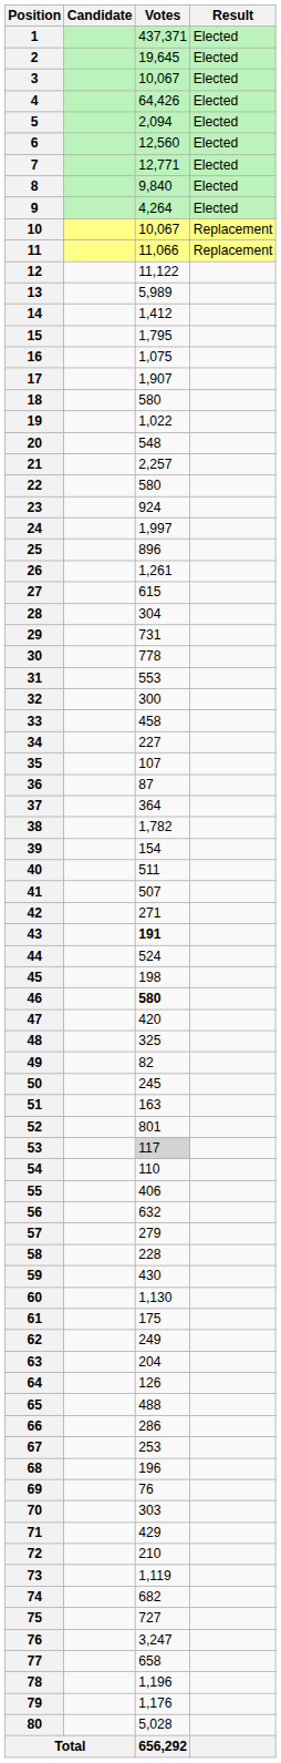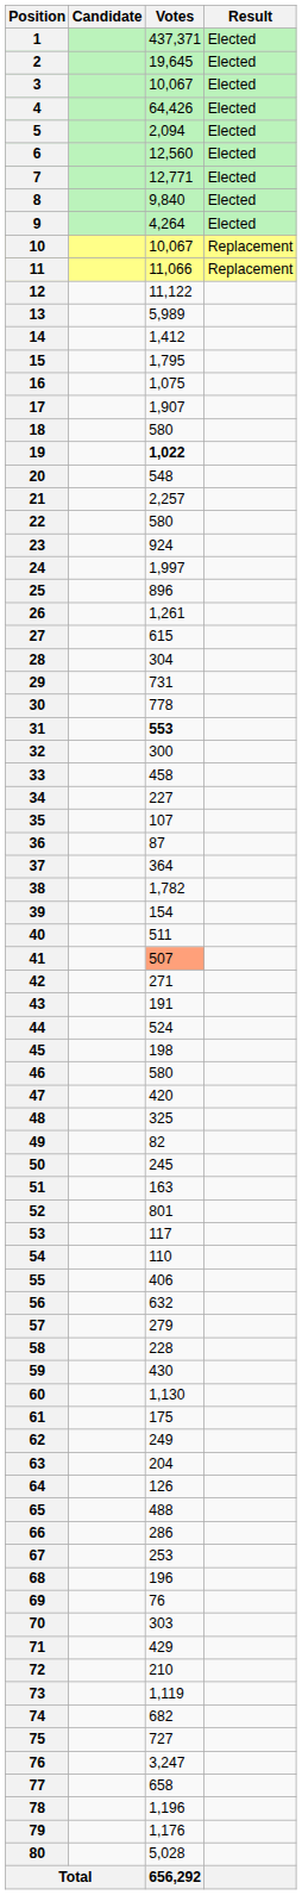 <table class="wikitable sortable col3right">
 <tr>
 <th scope="col">Position</th>
 <th scope="col">Candidate</th>
 <th scope="col">Votes</th>
 <th scope="col">Result</th>
 </tr>
 <tr bgcolor=bbf3bb>
 <th scope="row">1</th>
 <td></td>
 <td>437,371</td>
 <td>Elected</td>
 </tr>
 <tr bgcolor=bbf3bb>
 <th scope="row">2</th>
 <td></td>
 <td>19,645</td>
 <td>Elected</td>
 </tr>
 <tr bgcolor=bbf3bb>
 <th scope="row">3</th>
 <td></td>
 <td>10,067</td>
 <td>Elected</td>
 </tr>
 <tr bgcolor=bbf3bb>
 <th scope="row">4</th>
 <td></td>
 <td>64,426</td>
 <td>Elected</td>
 </tr>
 <tr bgcolor=bbf3bb>
 <th scope="row">5</th>
 <td></td>
 <td>2,094</td>
 <td>Elected</td>
 </tr>
 <tr bgcolor=bbf3bb>
 <th scope="row">6</th>
 <td></td>
 <td>12,560</td>
 <td>Elected</td>
 </tr>
 <tr bgcolor=bbf3bb>
 <th scope="row">7</th>
 <td></td>
 <td>12,771</td>
 <td>Elected</td>
 </tr>
 <tr bgcolor=bbf3bb>
 <th scope="row">8</th>
 <td></td>
 <td>9,840</td>
 <td>Elected</td>
 </tr>
 <tr bgcolor=bbf3bb>
 <th scope="row">9</th>
 <td></td>
 <td>4,264</td>
 <td>Elected</td>
 </tr>
 <tr bgcolor=#FF8>
 <th scope="row">10</th>
 <td></td>
 <td>10,067</td>
 <td>Replacement</td>
 </tr>
 <tr bgcolor=#FF8>
 <th scope="row">11</th>
 <td></td>
 <td>11,066</td>
 <td>Replacement</td>
 </tr>
 <tr>
 <th scope="row">12</th>
 <td></td>
 <td>11,122</td>
 <td></td>
 </tr>
 <tr>
 <th scope="row">13</th>
 <td></td>
 <td>5,989</td>
 <td></td>
 </tr>
 <tr>
 <th scope="row">14</th>
 <td></td>
 <td>1,412</td>
 <td></td>
 </tr>
 <tr>
 <th scope="row">15</th>
 <td></td>
 <td>1,795</td>
 <td></td>
 </tr>
 <tr>
 <th scope="row">16</th>
 <td></td>
 <td>1,075</td>
 <td></td>
 </tr>
 <tr>
 <th scope="row">17</th>
 <td></td>
 <td>1,907</td>
 <td></td>
 </tr>
 <tr>
 <th scope="row">18</th>
 <td></td>
 <td>580</td>
 <td></td>
 </tr>
 <tr>
 <th scope="row">19</th>
 <td></td>
-<td>1,022</td>
+<td><strong>1,022</strong></td>
 <td></td>
 </tr>
 <tr>
 <th scope="row">20</th>
 <td></td>
 <td>548</td>
 <td></td>
 </tr>
 <tr>
 <th scope="row">21</th>
 <td></td>
 <td>2,257</td>
 <td></td>
 </tr>
 <tr>
 <th scope="row">22</th>
 <td></td>
 <td>580</td>
 <td></td>
 </tr>
 <tr>
 <th scope="row">23</th>
 <td></td>
 <td>924</td>
 <td></td>
 </tr>
 <tr>
 <th scope="row">24</th>
 <td></td>
 <td>1,997</td>
 <td></td>
 </tr>
 <tr>
 <th scope="row">25</th>
 <td></td>
 <td>896</td>
 <td></td>
 </tr>
 <tr>
 <th scope="row">26</th>
 <td></td>
 <td>1,261</td>
 <td></td>
 </tr>
 <tr>
 <th scope="row">27</th>
 <td></td>
 <td>615</td>
 <td></td>
 </tr>
 <tr>
 <th scope="row">28</th>
 <td></td>
 <td>304</td>
 <td></td>
 </tr>
 <tr>
 <th scope="row">29</th>
 <td></td>
 <td>731</td>
 <td></td>
 </tr>
 <tr>
 <th scope="row">30</th>
 <td></td>
 <td>778</td>
 <td></td>
 </tr>
 <tr>
 <th scope="row">31</th>
 <td></td>
-<td>553</td>
+<td><strong>553</strong></td>
 <td></td>
 </tr>
 <tr>
 <th scope="row">32</th>
 <td></td>
 <td>300</td>
 <td></td>
 </tr>
 <tr>
 <th scope="row">33</th>
 <td></td>
 <td>458</td>
 <td></td>
 </tr>
 <tr>
 <th scope="row">34</th>
 <td></td>
 <td>227</td>
 <td></td>
 </tr>
 <tr>
 <th scope="row">35</th>
 <td></td>
 <td>107</td>
 <td></td>
 </tr>
 <tr>
 <th scope="row">36</th>
 <td></td>
 <td>87</td>
 <td></td>
 </tr>
 <tr>
 <th scope="row">37</th>
 <td></td>
 <td>364</td>
 <td></td>
 </tr>
 <tr>
 <th scope="row">38</th>
 <td></td>
 <td>1,782</td>
 <td></td>
 </tr>
 <tr>
 <th scope="row">39</th>
 <td></td>
 <td>154</td>
 <td></td>
 </tr>
 <tr>
 <th scope="row">40</th>
 <td></td>
 <td>511</td>
 <td></td>
 </tr>
 <tr>
 <th scope="row">41</th>
 <td></td>
-<td>507</td>
+<td style="background: lightsalmon;">507</td>
 <td></td>
 </tr>
 <tr>
 <th scope="row">42</th>
 <td></td>
 <td>271</td>
 <td></td>
 </tr>
 <tr>
 <th scope="row">43</th>
 <td></td>
-<td><strong>191</strong></td>
+<td>191</td>
 <td></td>
 </tr>
 <tr>
 <th scope="row">44</th>
 <td></td>
 <td>524</td>
 <td></td>
 </tr>
 <tr>
 <th scope="row">45</th>
 <td></td>
 <td>198</td>
 <td></td>
 </tr>
 <tr>
 <th scope="row">46</th>
 <td></td>
-<td><strong>580</strong></td>
+<td>580</td>
 <td></td>
 </tr>
 <tr>
 <th scope="row">47</th>
 <td></td>
 <td>420</td>
 <td></td>
 </tr>
 <tr>
 <th scope="row">48</th>
 <td></td>
 <td>325</td>
 <td></td>
 </tr>
 <tr>
 <th scope="row">49</th>
 <td></td>
 <td>82</td>
 <td></td>
 </tr>
 <tr>
 <th scope="row">50</th>
 <td></td>
 <td>245</td>
 <td></td>
 </tr>
 <tr>
 <th scope="row">51</th>
 <td></td>
 <td>163</td>
 <td></td>
 </tr>
 <tr>
 <th scope="row">52</th>
 <td></td>
 <td>801</td>
 <td></td>
 </tr>
 <tr>
 <th scope="row">53</th>
 <td></td>
-<td style="background: lightgrey;">117</td>
+<td>117</td>
 <td></td>
 </tr>
 <tr>
 <th scope="row">54</th>
 <td></td>
 <td>110</td>
 <td></td>
 </tr>
 <tr>
 <th scope="row">55</th>
 <td></td>
 <td>406</td>
 <td></td>
 </tr>
 <tr>
 <th scope="row">56</th>
 <td></td>
 <td>632</td>
 <td></td>
 </tr>
 <tr>
 <th scope="row">57</th>
 <td></td>
 <td>279</td>
 <td></td>
 </tr>
 <tr>
 <th scope="row">58</th>
 <td></td>
 <td>228</td>
 <td></td>
 </tr>
 <tr>
 <th scope="row">59</th>
 <td></td>
 <td>430</td>
 <td></td>
 </tr>
 <tr>
 <th scope="row">60</th>
 <td></td>
 <td>1,130</td>
 <td></td>
 </tr>
 <tr>
 <th scope="row">61</th>
 <td></td>
 <td>175</td>
 <td></td>
 </tr>
 <tr>
 <th scope="row">62</th>
 <td></td>
 <td>249</td>
 <td></td>
 </tr>
 <tr>
 <th scope="row">63</th>
 <td></td>
 <td>204</td>
 <td></td>
 </tr>
 <tr>
 <th scope="row">64</th>
 <td></td>
 <td>126</td>
 <td></td>
 </tr>
 <tr>
 <th scope="row">65</th>
 <td></td>
 <td>488</td>
 <td></td>
 </tr>
 <tr>
 <th scope="row">66</th>
 <td></td>
 <td>286</td>
 <td></td>
 </tr>
 <tr>
 <th scope="row">67</th>
 <td></td>
 <td>253</td>
 <td></td>
 </tr>
 <tr>
 <th scope="row">68</th>
 <td></td>
 <td>196</td>
 <td></td>
 </tr>
 <tr>
 <th scope="row">69</th>
 <td></td>
 <td>76</td>
 <td></td>
 </tr>
 <tr>
 <th scope="row">70</th>
 <td></td>
 <td>303</td>
 <td></td>
 </tr>
 <tr>
 <th scope="row">71</th>
 <td></td>
 <td>429</td>
 <td></td>
 </tr>
 <tr>
 <th scope="row">72</th>
 <td></td>
 <td>210</td>
 <td></td>
 </tr>
 <tr>
 <th scope="row">73</th>
 <td></td>
 <td>1,119</td>
 <td></td>
 </tr>
 <tr>
 <th scope="row">74</th>
 <td></td>
 <td>682</td>
 <td></td>
 </tr>
 <tr>
 <th scope="row">75</th>
 <td></td>
 <td>727</td>
 <td></td>
 </tr>
 <tr>
 <th scope="row">76</th>
 <td></td>
 <td>3,247</td>
 <td></td>
 </tr>
 <tr>
 <th scope="row">77</th>
 <td></td>
 <td>658</td>
 <td></td>
 </tr>
 <tr>
 <th scope="row">78</th>
 <td></td>
 <td>1,196</td>
 <td></td>
 </tr>
 <tr>
 <th scope="row">79</th>
 <td></td>
 <td>1,176</td>
 <td></td>
 </tr>
 <tr>
 <th scope="row">80</th>
 <td></td>
 <td>5,028</td>
 <td></td>
 </tr>
 <tr class=sortbottom>
 <th scope="row" colspan="2">Total</th>
 <th style="text-align:right">656,292</th>
 <th></th>
 </tr>
 </table>
